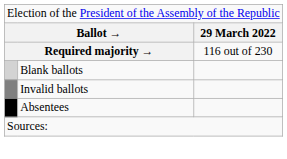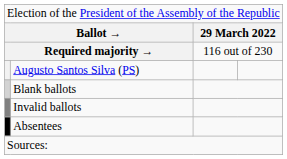 <table class="wikitable" style="text-align:center;">
 <tr>
 <td colspan="4" align="center">Election of the <a href='#'>President of the Assembly of the Republic</a></td>
 </tr>
 <tr>
 <th colspan="2" width="225px">Ballot →</th>
 <th colspan="2">29 March 2022</th>
 </tr>
 <tr>
 <th colspan="2">Required majority →</th>
 <td colspan="2">116 out of 230</td>
+</tr>
+<tr>
+<th width="1px" style="background:"></th>
+<td align="left"><a href='#'>Augusto Santos Silva</a> (<a href='#'>PS</a>)</td>
+<td></td>
+<td></td>
 </tr>
 <tr>
 <th style="background:lightgray;"></th>
 <td align="left">Blank ballots</td>
 <td colspan="2"></td>
 </tr>
 <tr>
 <th style="background:gray;"></th>
 <td align="left">Invalid ballots</td>
 <td colspan="2"></td>
 </tr>
 <tr>
 <th style="background:black;"></th>
 <td align="left">Absentees</td>
 <td colspan="2"></td>
 </tr>
 <tr>
 <td align="left" colspan="4">Sources: </td>
 </tr>
 </table>
